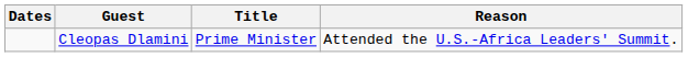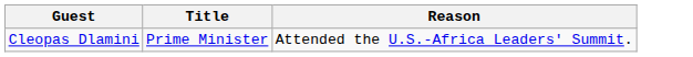 <table class="wikitable sortable">
 <tr>
-<th>Dates</th>
 <th>Guest</th>
 <th>Title</th>
 <th>Reason</th>
 </tr>
 <tr>
-<td></td>
 <td><a href='#'>Cleopas Dlamini</a></td>
 <td><a href='#'>Prime Minister</a></td>
 <td>Attended the <a href='#'>U.S.-Africa Leaders' Summit</a>.</td>
 </tr>
 </table>
